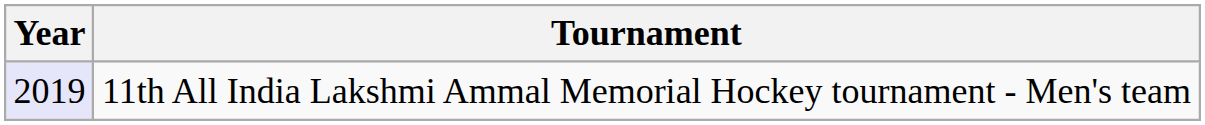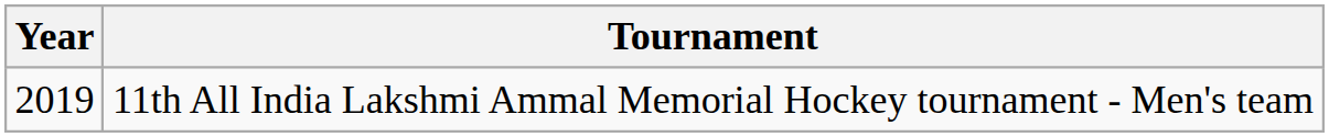 <table class="wikitable">
 <tr>
 <th>Year</th>
 <th>Tournament</th>
 </tr>
 <tr>
-<td style="background: lavender;">2019</td>
+<td>2019</td>
 <td>11th All India Lakshmi Ammal Memorial Hockey tournament - Men's team</td>
 </tr>
 </table>
